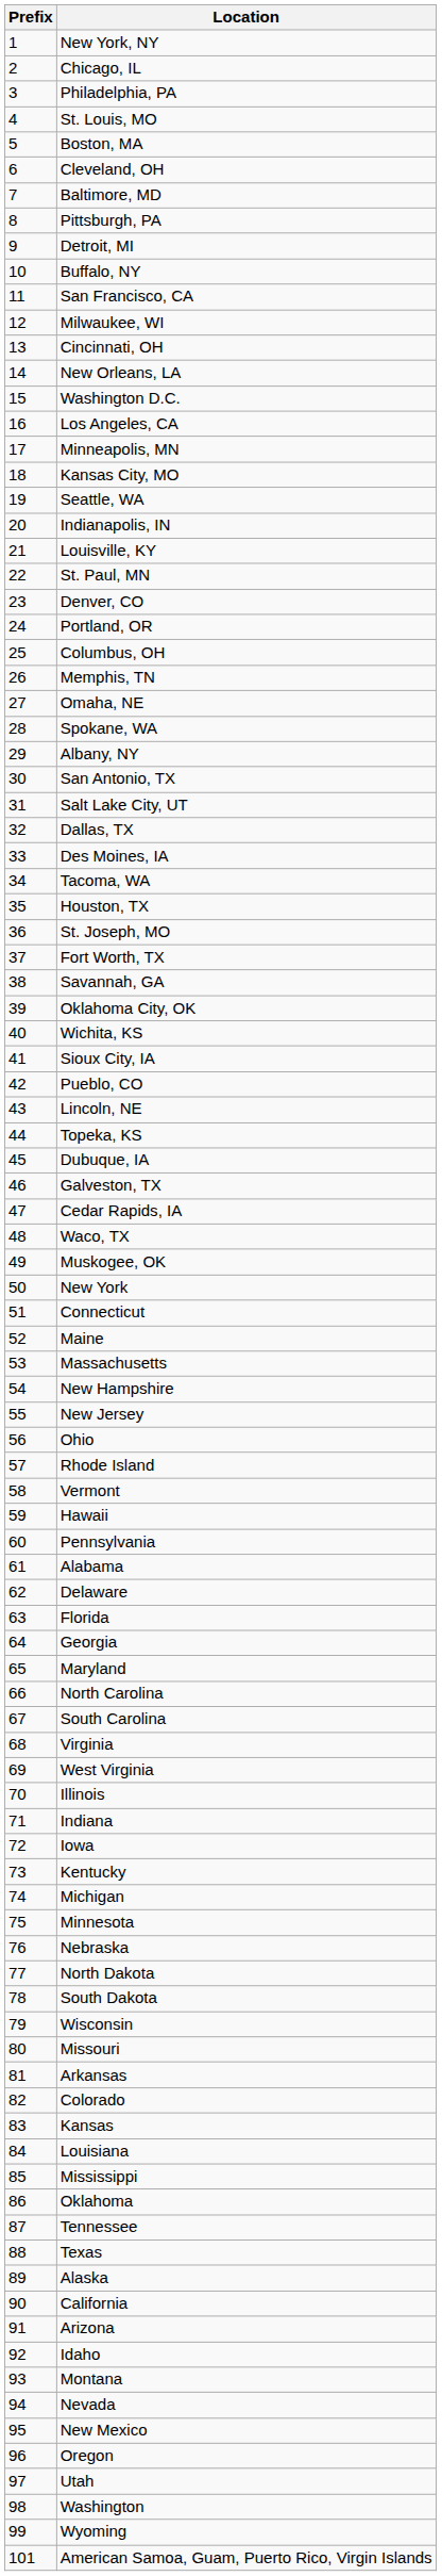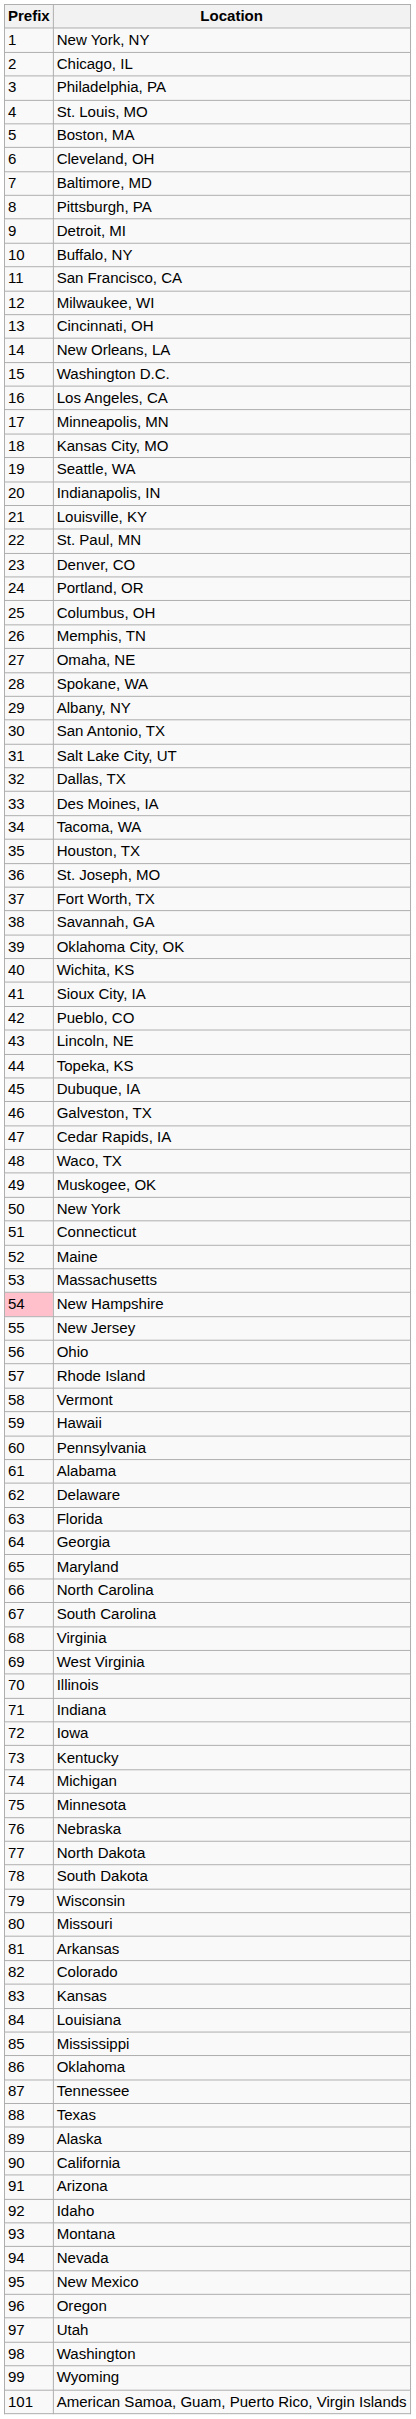 <table class="wikitable">
 <tr>
 <th>Prefix</th>
 <th>Location</th>
 </tr>
 <tr>
 <td>1</td>
 <td>New York, NY</td>
 </tr>
 <tr>
 <td>2</td>
 <td>Chicago, IL</td>
 </tr>
 <tr>
 <td>3</td>
 <td>Philadelphia, PA</td>
 </tr>
 <tr>
 <td>4</td>
 <td>St. Louis, MO</td>
 </tr>
 <tr>
 <td>5</td>
 <td>Boston, MA</td>
 </tr>
 <tr>
 <td>6</td>
 <td>Cleveland, OH</td>
 </tr>
 <tr>
 <td>7</td>
 <td>Baltimore, MD</td>
 </tr>
 <tr>
 <td>8</td>
 <td>Pittsburgh, PA</td>
 </tr>
 <tr>
 <td>9</td>
 <td>Detroit, MI</td>
 </tr>
 <tr>
 <td>10</td>
 <td>Buffalo, NY</td>
 </tr>
 <tr>
 <td>11</td>
 <td>San Francisco, CA</td>
 </tr>
 <tr>
 <td>12</td>
 <td>Milwaukee, WI</td>
 </tr>
 <tr>
 <td>13</td>
 <td>Cincinnati, OH</td>
 </tr>
 <tr>
 <td>14</td>
 <td>New Orleans, LA</td>
 </tr>
 <tr>
 <td>15</td>
 <td>Washington D.C.</td>
 </tr>
 <tr>
 <td>16</td>
 <td>Los Angeles, CA</td>
 </tr>
 <tr>
 <td>17</td>
 <td>Minneapolis, MN</td>
 </tr>
 <tr>
 <td>18</td>
 <td>Kansas City, MO</td>
 </tr>
 <tr>
 <td>19</td>
 <td>Seattle, WA</td>
 </tr>
 <tr>
 <td>20</td>
 <td>Indianapolis, IN</td>
 </tr>
 <tr>
 <td>21</td>
 <td>Louisville, KY</td>
 </tr>
 <tr>
 <td>22</td>
 <td>St. Paul, MN</td>
 </tr>
 <tr>
 <td>23</td>
 <td>Denver, CO</td>
 </tr>
 <tr>
 <td>24</td>
 <td>Portland, OR</td>
 </tr>
 <tr>
 <td>25</td>
 <td>Columbus, OH</td>
 </tr>
 <tr>
 <td>26</td>
 <td>Memphis, TN</td>
 </tr>
 <tr>
 <td>27</td>
 <td>Omaha, NE</td>
 </tr>
 <tr>
 <td>28</td>
 <td>Spokane, WA</td>
 </tr>
 <tr>
 <td>29</td>
 <td>Albany, NY</td>
 </tr>
 <tr>
 <td>30</td>
 <td>San Antonio, TX</td>
 </tr>
 <tr>
 <td>31</td>
 <td>Salt Lake City, UT</td>
 </tr>
 <tr>
 <td>32</td>
 <td>Dallas, TX</td>
 </tr>
 <tr>
 <td>33</td>
 <td>Des Moines, IA</td>
 </tr>
 <tr>
 <td>34</td>
 <td>Tacoma, WA</td>
 </tr>
 <tr>
 <td>35</td>
 <td>Houston, TX</td>
 </tr>
 <tr>
 <td>36</td>
 <td>St. Joseph, MO</td>
 </tr>
 <tr>
 <td>37</td>
 <td>Fort Worth, TX</td>
 </tr>
 <tr>
 <td>38</td>
 <td>Savannah, GA</td>
 </tr>
 <tr>
 <td>39</td>
 <td>Oklahoma City, OK</td>
 </tr>
 <tr>
 <td>40</td>
 <td>Wichita, KS</td>
 </tr>
 <tr>
 <td>41</td>
 <td>Sioux City, IA</td>
 </tr>
 <tr>
 <td>42</td>
 <td>Pueblo, CO</td>
 </tr>
 <tr>
 <td>43</td>
 <td>Lincoln, NE</td>
 </tr>
 <tr>
 <td>44</td>
 <td>Topeka, KS</td>
 </tr>
 <tr>
 <td>45</td>
 <td>Dubuque, IA</td>
 </tr>
 <tr>
 <td>46</td>
 <td>Galveston, TX</td>
 </tr>
 <tr>
 <td>47</td>
 <td>Cedar Rapids, IA</td>
 </tr>
 <tr>
 <td>48</td>
 <td>Waco, TX</td>
 </tr>
 <tr>
 <td>49</td>
 <td>Muskogee, OK</td>
 </tr>
 <tr>
 <td>50</td>
 <td>New York</td>
 </tr>
 <tr>
 <td>51</td>
 <td>Connecticut</td>
 </tr>
 <tr>
 <td>52</td>
 <td>Maine</td>
 </tr>
 <tr>
 <td>53</td>
 <td>Massachusetts</td>
 </tr>
 <tr>
-<td>54</td>
+<td style="background: pink;">54</td>
 <td>New Hampshire</td>
 </tr>
 <tr>
 <td>55</td>
 <td>New Jersey</td>
 </tr>
 <tr>
 <td>56</td>
 <td>Ohio</td>
 </tr>
 <tr>
 <td>57</td>
 <td>Rhode Island</td>
 </tr>
 <tr>
 <td>58</td>
 <td>Vermont</td>
 </tr>
 <tr>
 <td>59</td>
 <td>Hawaii</td>
 </tr>
 <tr>
 <td>60</td>
 <td>Pennsylvania</td>
 </tr>
 <tr>
 <td>61</td>
 <td>Alabama</td>
 </tr>
 <tr>
 <td>62</td>
 <td>Delaware</td>
 </tr>
 <tr>
 <td>63</td>
 <td>Florida</td>
 </tr>
 <tr>
 <td>64</td>
 <td>Georgia</td>
 </tr>
 <tr>
 <td>65</td>
 <td>Maryland</td>
 </tr>
 <tr>
 <td>66</td>
 <td>North Carolina</td>
 </tr>
 <tr>
 <td>67</td>
 <td>South Carolina</td>
 </tr>
 <tr>
 <td>68</td>
 <td>Virginia</td>
 </tr>
 <tr>
 <td>69</td>
 <td>West Virginia</td>
 </tr>
 <tr>
 <td>70</td>
 <td>Illinois</td>
 </tr>
 <tr>
 <td>71</td>
 <td>Indiana</td>
 </tr>
 <tr>
 <td>72</td>
 <td>Iowa</td>
 </tr>
 <tr>
 <td>73</td>
 <td>Kentucky</td>
 </tr>
 <tr>
 <td>74</td>
 <td>Michigan</td>
 </tr>
 <tr>
 <td>75</td>
 <td>Minnesota</td>
 </tr>
 <tr>
 <td>76</td>
 <td>Nebraska</td>
 </tr>
 <tr>
 <td>77</td>
 <td>North Dakota</td>
 </tr>
 <tr>
 <td>78</td>
 <td>South Dakota</td>
 </tr>
 <tr>
 <td>79</td>
 <td>Wisconsin</td>
 </tr>
 <tr>
 <td>80</td>
 <td>Missouri</td>
 </tr>
 <tr>
 <td>81</td>
 <td>Arkansas</td>
 </tr>
 <tr>
 <td>82</td>
 <td>Colorado</td>
 </tr>
 <tr>
 <td>83</td>
 <td>Kansas</td>
 </tr>
 <tr>
 <td>84</td>
 <td>Louisiana</td>
 </tr>
 <tr>
 <td>85</td>
 <td>Mississippi</td>
 </tr>
 <tr>
 <td>86</td>
 <td>Oklahoma</td>
 </tr>
 <tr>
 <td>87</td>
 <td>Tennessee</td>
 </tr>
 <tr>
 <td>88</td>
 <td>Texas</td>
 </tr>
 <tr>
 <td>89</td>
 <td>Alaska</td>
 </tr>
 <tr>
 <td>90</td>
 <td>California</td>
 </tr>
 <tr>
 <td>91</td>
 <td>Arizona</td>
 </tr>
 <tr>
 <td>92</td>
 <td>Idaho</td>
 </tr>
 <tr>
 <td>93</td>
 <td>Montana</td>
 </tr>
 <tr>
 <td>94</td>
 <td>Nevada</td>
 </tr>
 <tr>
 <td>95</td>
 <td>New Mexico</td>
 </tr>
 <tr>
 <td>96</td>
 <td>Oregon</td>
 </tr>
 <tr>
 <td>97</td>
 <td>Utah</td>
 </tr>
 <tr>
 <td>98</td>
 <td>Washington</td>
 </tr>
 <tr>
 <td>99</td>
 <td>Wyoming</td>
 </tr>
 <tr>
 <td>101</td>
 <td>American Samoa, Guam, Puerto Rico, Virgin Islands</td>
 </tr>
 </table>
